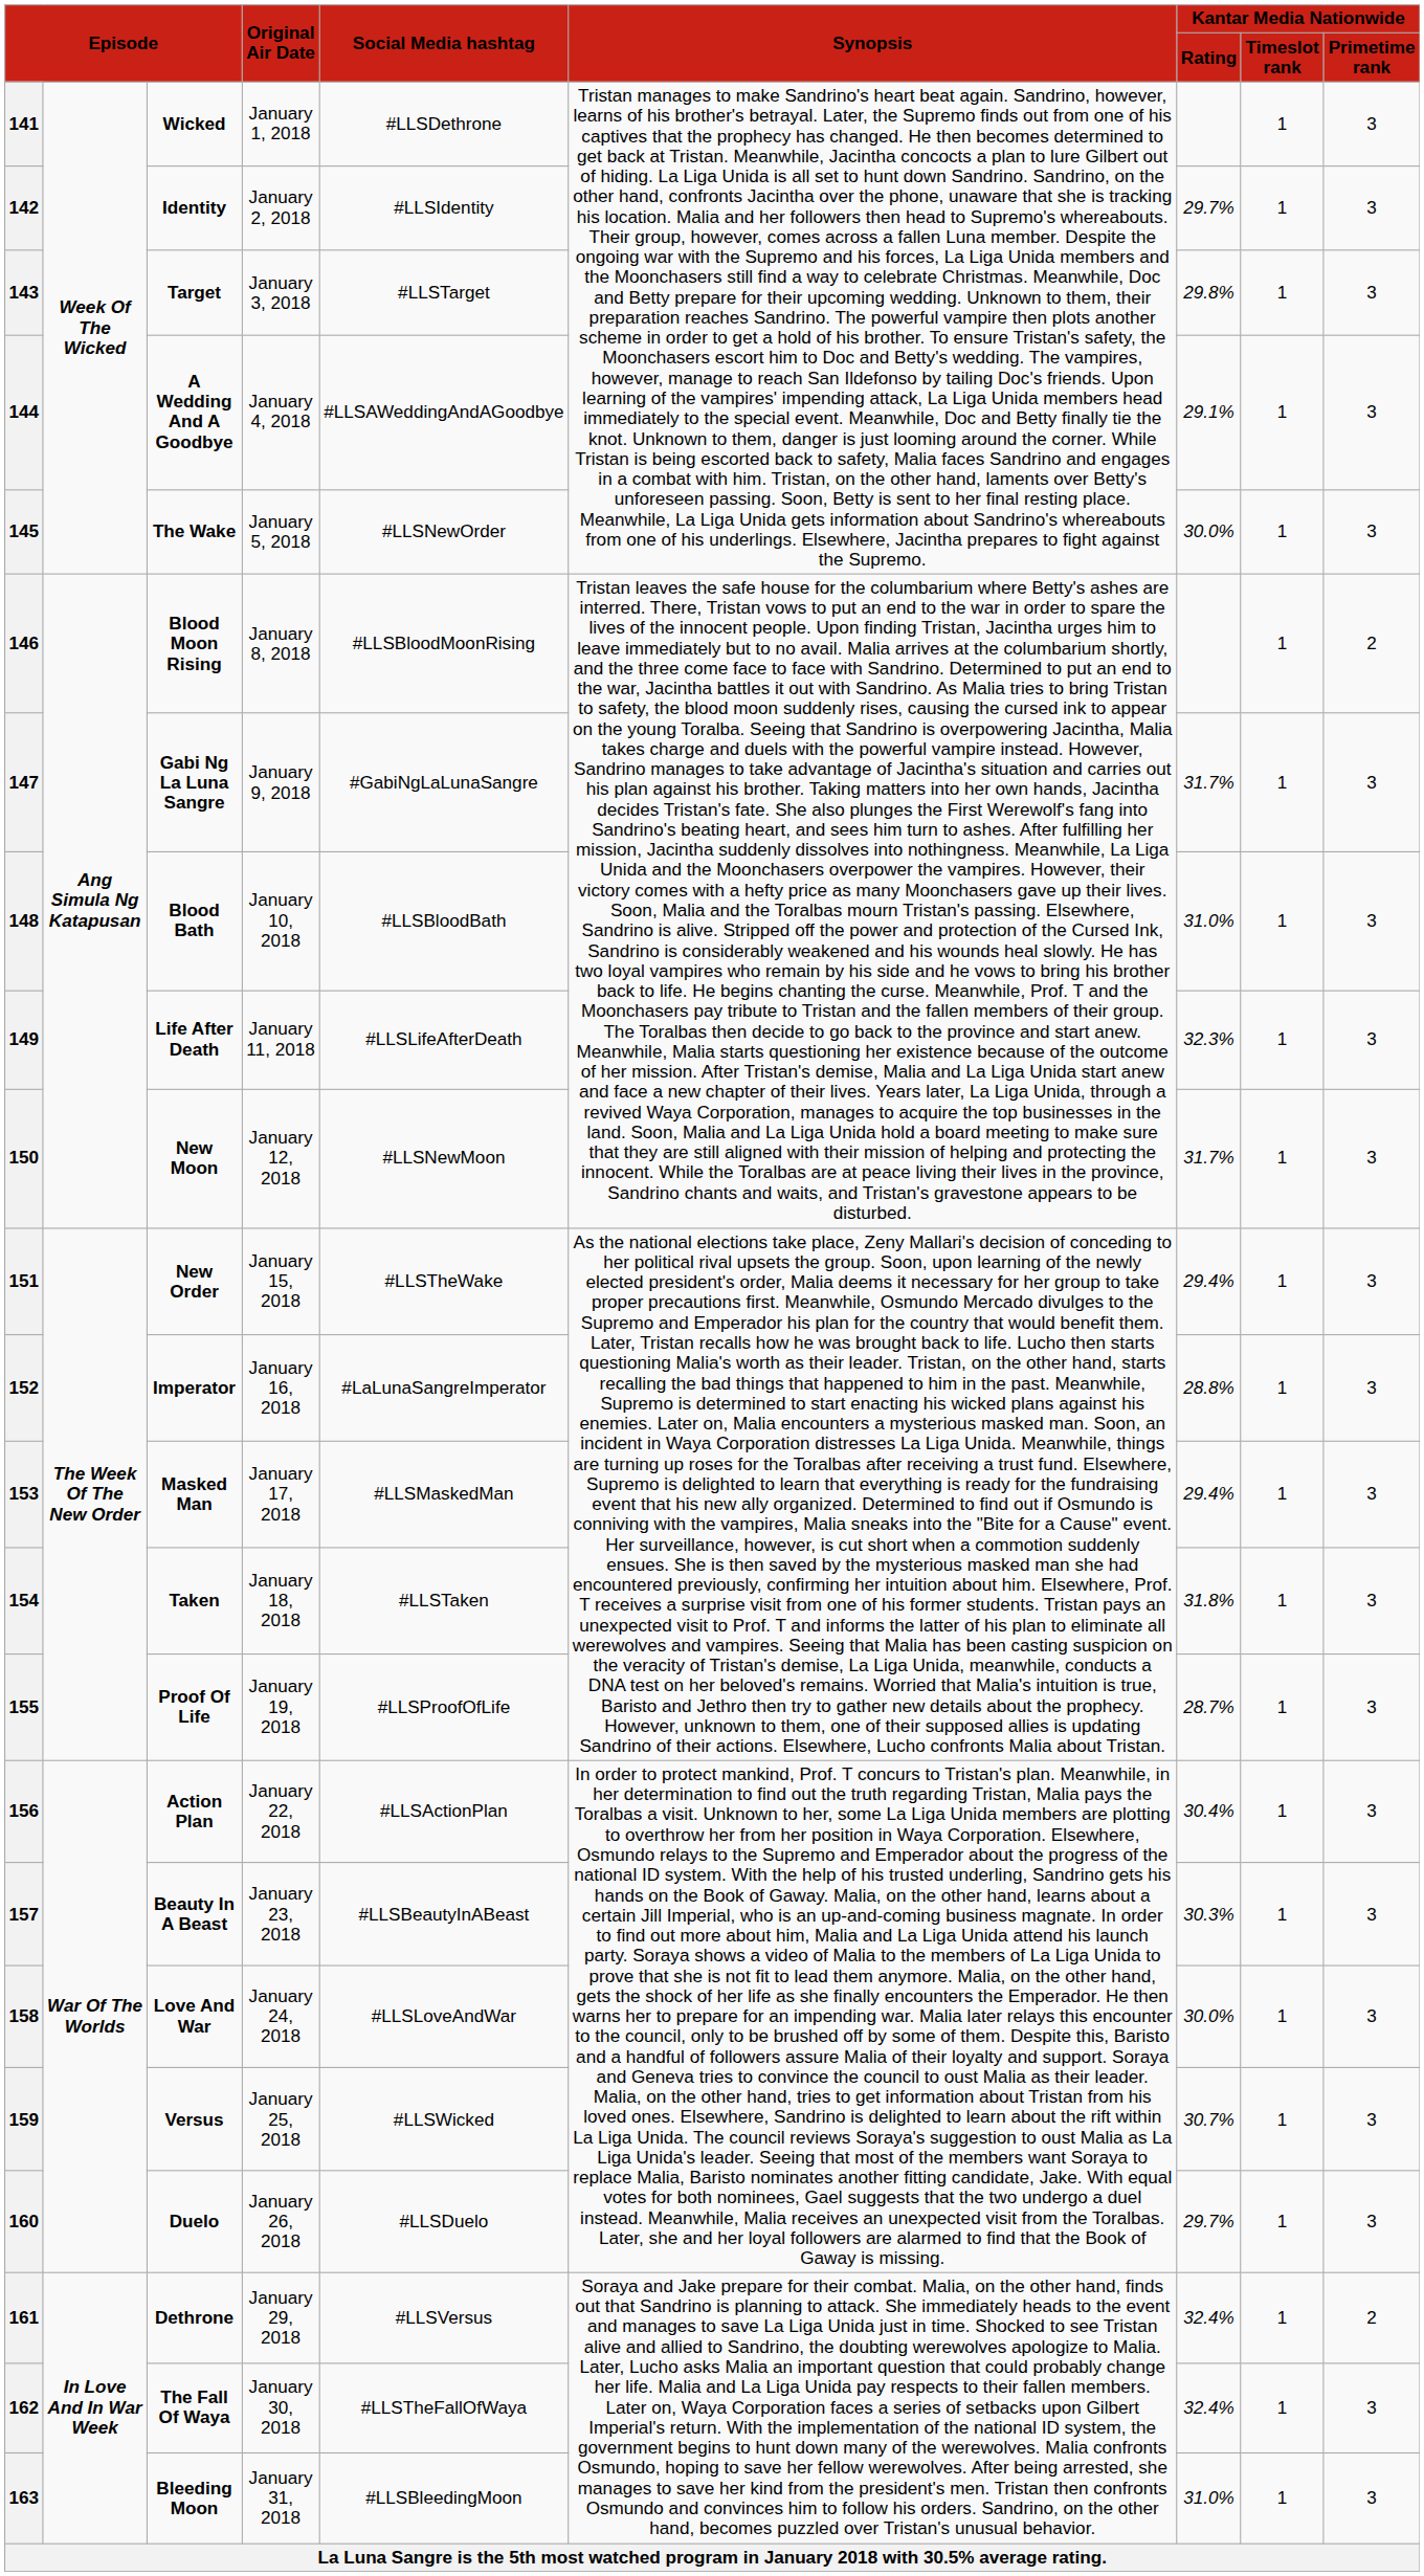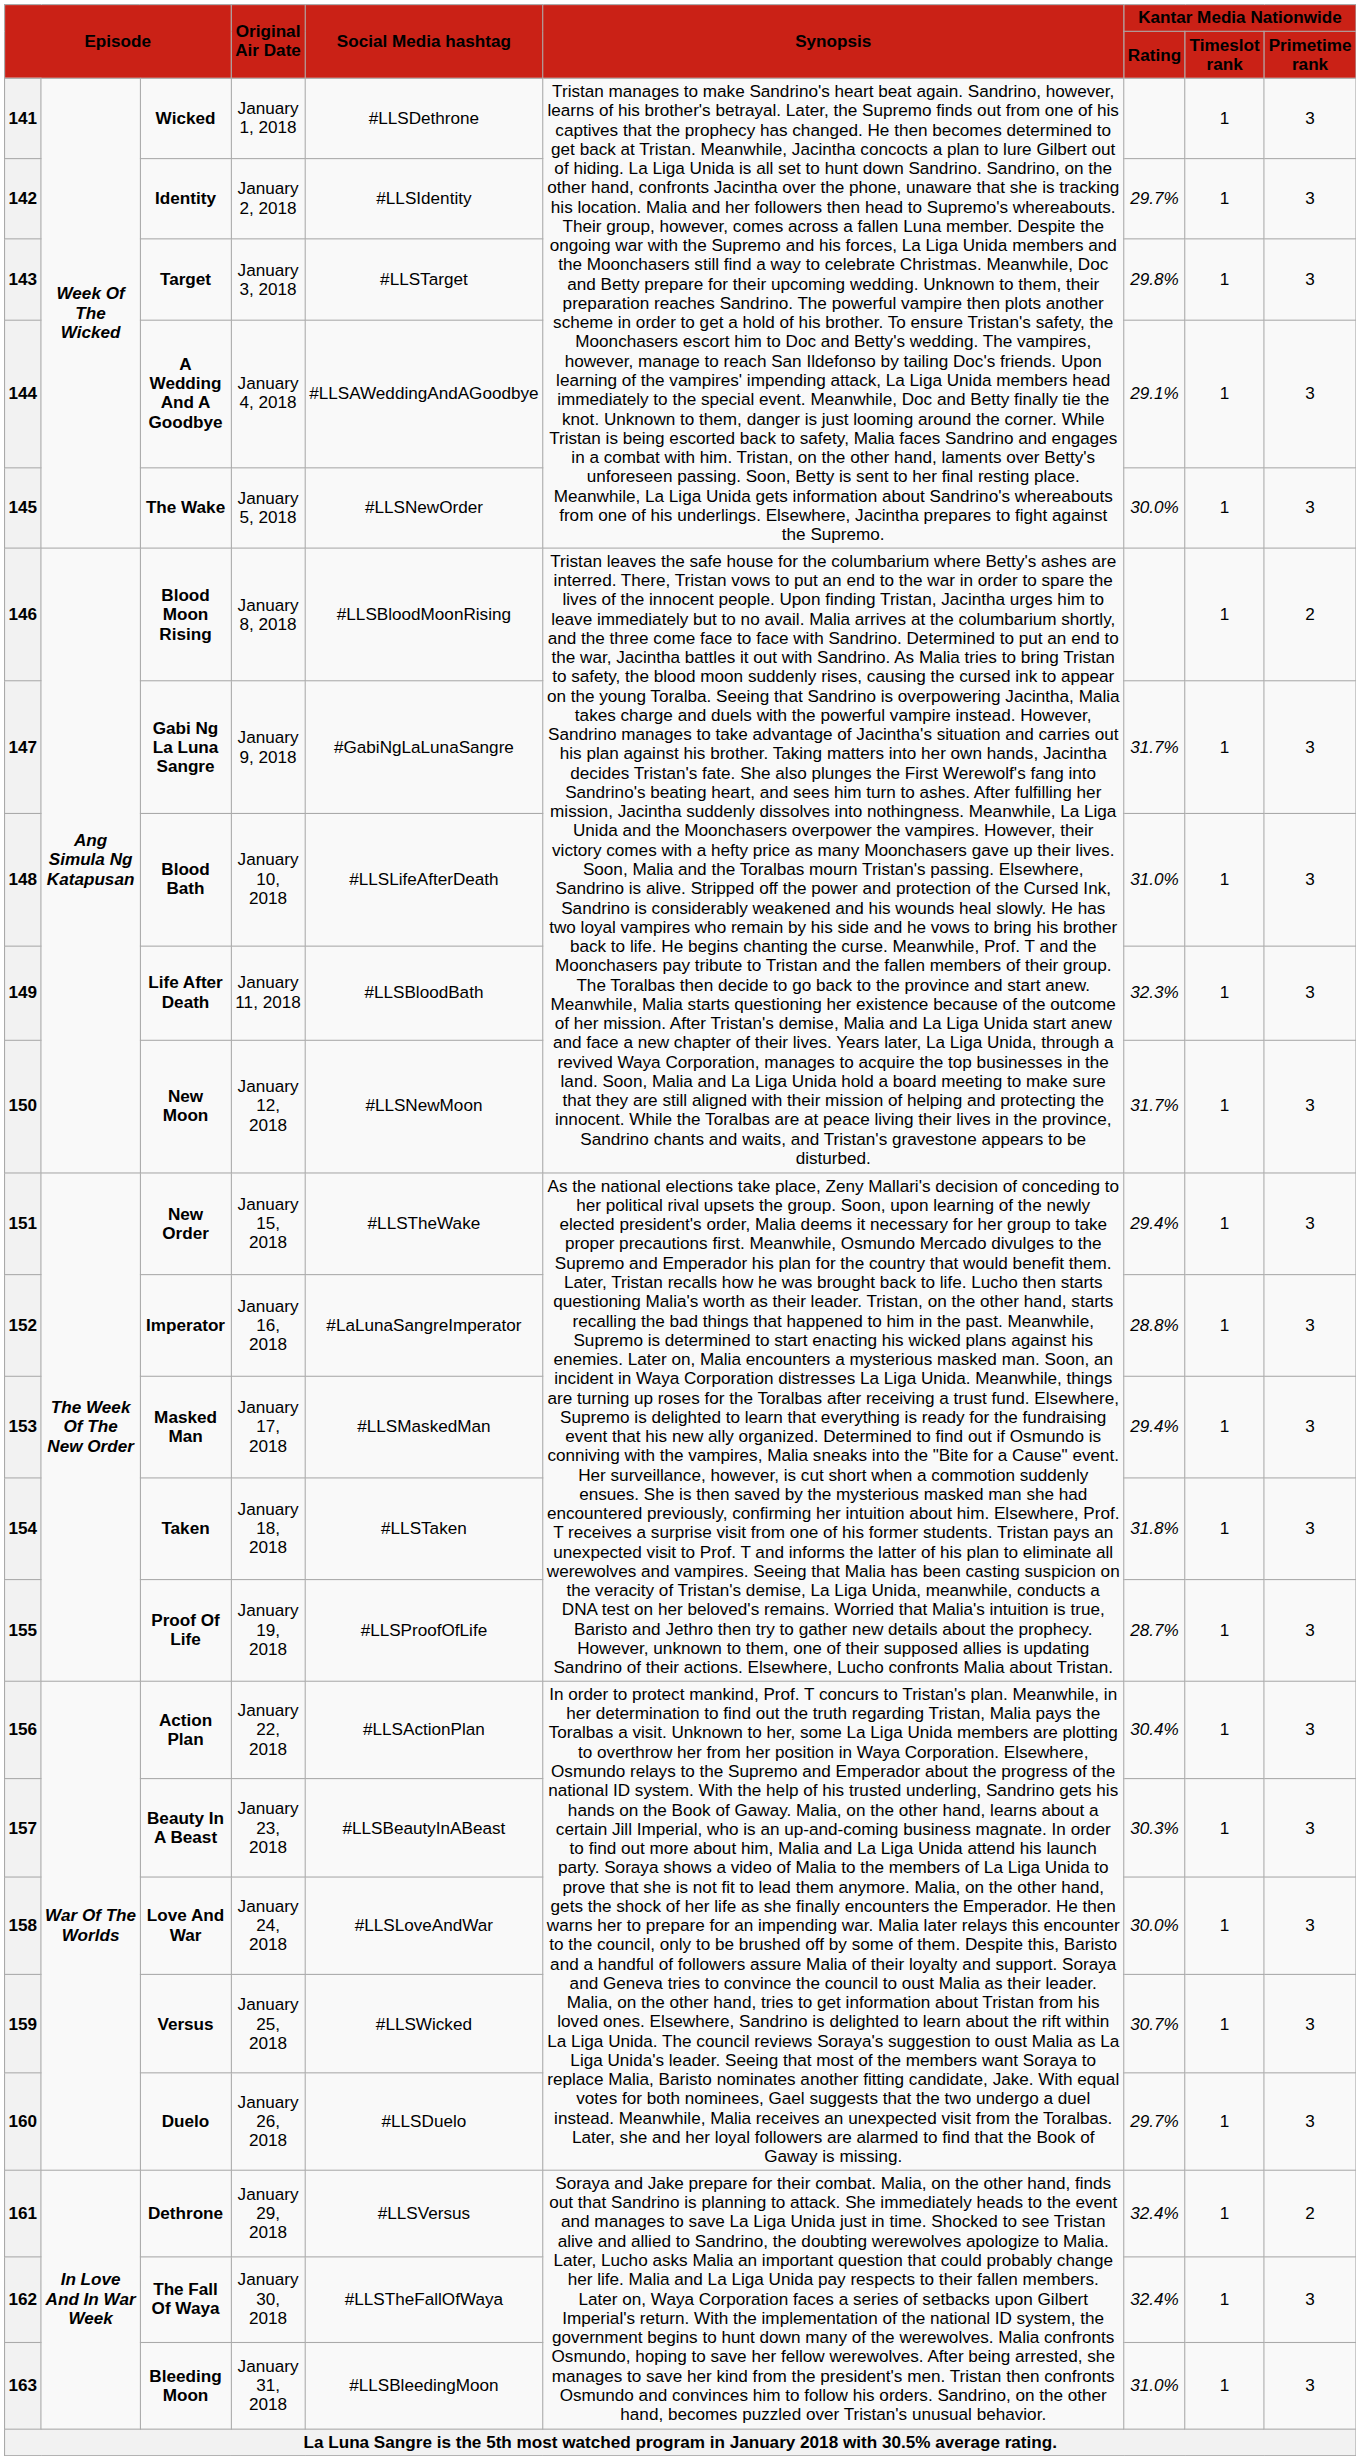 <table class="wikitable" style="text-align:center; font-size:100%; line-height:18px;"  width="100%">
 <tr>
 <th style="background-color:#CA2116; color:#000000;" colspan="3" rowspan="2">Episode</th>
 <th style="background-color:#CA2116; color:#000000;" rowspan="2">Original Air Date</th>
 <th style="background-color:#CA2116; color:#000000;" rowspan="2">Social Media hashtag</th>
 <th style="background-color:#CA2116; color:#000000;" rowspan="2">Synopsis</th>
 <th style="background-color:#CA2116; color:#000000;" colspan="3">Kantar Media Nationwide</th>
 </tr>
 <tr>
 <th style="background-color:#CA2116; color:#000000;">Rating</th>
 <th style="background-color:#CA2116; color:#000000;">Timeslot rank</th>
 <th style="background-color:#CA2116; color:#000000;">Primetime rank</th>
 </tr>
 <tr>
 <th>141</th>
 <td rowspan="5"><strong><em>Week Of The Wicked</em></strong></td>
 <td><strong>Wicked</strong></td>
 <td>January 1, 2018</td>
 <td>#LLSDethrone</td>
 <td rowspan="5">Tristan manages to make Sandrino's heart beat again. Sandrino, however, learns of his brother's betrayal. Later, the Supremo finds out from one of his captives that the prophecy has changed. He then becomes determined to get back at Tristan. Meanwhile, Jacintha concocts a plan to lure Gilbert out of hiding. La Liga Unida is all set to hunt down Sandrino. Sandrino, on the other hand, confronts Jacintha over the phone, unaware that she is tracking his location. Malia and her followers then head to Supremo's whereabouts. Their group, however, comes across a fallen Luna member. Despite the ongoing war with the Supremo and his forces, La Liga Unida members and the Moonchasers still find a way to celebrate Christmas. Meanwhile, Doc and Betty prepare for their upcoming wedding. Unknown to them, their preparation reaches Sandrino. The powerful vampire then plots another scheme in order to get a hold of his brother. To ensure Tristan's safety, the Moonchasers escort him to Doc and Betty's wedding. The vampires, however, manage to reach San Ildefonso by tailing Doc's friends. Upon learning of the vampires' impending attack, La Liga Unida members head immediately to the special event. Meanwhile, Doc and Betty finally tie the knot. Unknown to them, danger is just looming around the corner. While Tristan is being escorted back to safety, Malia faces Sandrino and engages in a combat with him. Tristan, on the other hand, laments over Betty's unforeseen passing. Soon, Betty is sent to her final resting place. Meanwhile, La Liga Unida gets information about Sandrino's whereabouts from one of his underlings. Elsewhere, Jacintha prepares to fight against the Supremo.</td>
 <td></td>
 <td>1</td>
 <td>3</td>
 </tr>
 <tr>
 <th>142</th>
 <td><strong>Identity</strong></td>
 <td>January 2, 2018</td>
 <td>#LLSIdentity</td>
 <td><em>29.7%</em></td>
 <td>1</td>
 <td>3</td>
 </tr>
 <tr>
 <th>143</th>
 <td><strong>Target</strong></td>
 <td>January 3, 2018</td>
 <td>#LLSTarget</td>
 <td><em>29.8%</em></td>
 <td>1</td>
 <td>3</td>
 </tr>
 <tr>
 <th>144</th>
 <td><strong>A Wedding And A Goodbye</strong></td>
 <td>January 4, 2018</td>
 <td>#LLSAWeddingAndAGoodbye</td>
 <td><em>29.1%</em></td>
 <td>1</td>
 <td>3</td>
 </tr>
 <tr>
 <th>145</th>
 <td><strong>The Wake</strong></td>
 <td>January 5, 2018</td>
 <td>#LLSNewOrder</td>
 <td><em>30.0%</em></td>
 <td>1</td>
 <td>3</td>
 </tr>
 <tr>
 <th>146</th>
 <td rowspan="5"><strong><em>Ang Simula Ng Katapusan</em></strong></td>
 <td><strong>Blood Moon Rising</strong></td>
 <td>January 8, 2018</td>
 <td>#LLSBloodMoonRising</td>
 <td rowspan="5">Tristan leaves the safe house for the columbarium where Betty's ashes are interred. There, Tristan vows to put an end to the war in order to spare the lives of the innocent people. Upon finding Tristan, Jacintha urges him to leave immediately but to no avail. Malia arrives at the columbarium shortly, and the three come face to face with Sandrino. Determined to put an end to the war, Jacintha battles it out with Sandrino. As Malia tries to bring Tristan to safety, the blood moon suddenly rises, causing the cursed ink to appear on the young Toralba. Seeing that Sandrino is overpowering Jacintha, Malia takes charge and duels with the powerful vampire instead. However, Sandrino manages to take advantage of Jacintha's situation and carries out his plan against his brother. Taking matters into her own hands, Jacintha decides Tristan's fate. She also plunges the First Werewolf's fang into Sandrino's beating heart, and sees him turn to ashes. After fulfilling her mission, Jacintha suddenly dissolves into nothingness. Meanwhile, La Liga Unida and the Moonchasers overpower the vampires. However, their victory comes with a hefty price as many Moonchasers gave up their lives. Soon, Malia and the Toralbas mourn Tristan's passing. Elsewhere, Sandrino is alive. Stripped off the power and protection of the Cursed Ink, Sandrino is considerably weakened and his wounds heal slowly. He has two loyal vampires who remain by his side and he vows to bring his brother back to life. He begins chanting the curse. Meanwhile, Prof. T and the Moonchasers pay tribute to Tristan and the fallen members of their group. The Toralbas then decide to go back to the province and start anew. Meanwhile, Malia starts questioning her existence because of the outcome of her mission. After Tristan's demise, Malia and La Liga Unida start anew and face a new chapter of their lives. Years later, La Liga Unida, through a revived Waya Corporation, manages to acquire the top businesses in the land. Soon, Malia and La Liga Unida hold a board meeting to make sure that they are still aligned with their mission of helping and protecting the innocent. While the Toralbas are at peace living their lives in the province, Sandrino chants and waits, and Tristan's gravestone appears to be disturbed.</td>
 <td></td>
 <td>1</td>
 <td>2</td>
 </tr>
 <tr>
 <th>147</th>
 <td><strong>Gabi Ng La Luna Sangre</strong></td>
 <td>January 9, 2018</td>
 <td>#GabiNgLaLunaSangre</td>
 <td><em>31.7%</em></td>
 <td>1</td>
 <td>3</td>
 </tr>
 <tr>
 <th>148</th>
 <td><strong>Blood Bath</strong></td>
 <td>January 10, 2018</td>
-<td>#LLSBloodBath</td>
+<td>#LLSLifeAfterDeath</td>
 <td><em>31.0%</em></td>
 <td>1</td>
 <td>3</td>
 </tr>
 <tr>
 <th>149</th>
 <td><strong>Life After Death</strong></td>
 <td>January 11, 2018</td>
-<td>#LLSLifeAfterDeath</td>
+<td>#LLSBloodBath</td>
 <td><em>32.3%</em></td>
 <td>1</td>
 <td>3</td>
 </tr>
 <tr>
 <th>150</th>
 <td><strong>New Moon</strong></td>
 <td>January 12, 2018</td>
 <td>#LLSNewMoon</td>
 <td><em>31.7%</em></td>
 <td>1</td>
 <td>3</td>
 </tr>
 <tr>
 <th>151</th>
 <td rowspan="5"><strong><em>The Week Of The New Order</em></strong></td>
 <td><strong>New Order</strong></td>
 <td>January 15, 2018</td>
 <td>#LLSTheWake</td>
 <td rowspan="5">As the national elections take place, Zeny Mallari's decision of conceding to her political rival upsets the group. Soon, upon learning of the newly elected president's order, Malia deems it necessary for her group to take proper precautions first. Meanwhile, Osmundo Mercado divulges to the Supremo and Emperador his plan for the country that would benefit them. Later, Tristan recalls how he was brought back to life. Lucho then starts questioning Malia's worth as their leader. Tristan, on the other hand, starts recalling the bad things that happened to him in the past. Meanwhile, Supremo is determined to start enacting his wicked plans against his enemies. Later on, Malia encounters a mysterious masked man. Soon, an incident in Waya Corporation distresses La Liga Unida. Meanwhile, things are turning up roses for the Toralbas after receiving a trust fund. Elsewhere, Supremo is delighted to learn that everything is ready for the fundraising event that his new ally organized. Determined to find out if Osmundo is conniving with the vampires, Malia sneaks into the "Bite for a Cause" event. Her surveillance, however, is cut short when a commotion suddenly ensues. She is then saved by the mysterious masked man she had encountered previously, confirming her intuition about him. Elsewhere, Prof. T receives a surprise visit from one of his former students. Tristan pays an unexpected visit to Prof. T and informs the latter of his plan to eliminate all werewolves and vampires. Seeing that Malia has been casting suspicion on the veracity of Tristan's demise, La Liga Unida, meanwhile, conducts a DNA test on her beloved's remains. Worried that Malia's intuition is true, Baristo and Jethro then try to gather new details about the prophecy. However, unknown to them, one of their supposed allies is updating Sandrino of their actions. Elsewhere, Lucho confronts Malia about Tristan.</td>
 <td><em>29.4%</em></td>
 <td>1</td>
 <td>3</td>
 </tr>
 <tr>
 <th>152</th>
 <td><strong>Imperator</strong></td>
 <td>January 16, 2018</td>
 <td>#LaLunaSangreImperator</td>
 <td><em>28.8%</em></td>
 <td>1</td>
 <td>3</td>
 </tr>
 <tr>
 <th>153</th>
 <td><strong>Masked Man</strong></td>
 <td>January 17, 2018</td>
 <td>#LLSMaskedMan</td>
 <td><em>29.4%</em></td>
 <td>1</td>
 <td>3</td>
 </tr>
 <tr>
 <th>154</th>
 <td><strong>Taken</strong></td>
 <td>January 18, 2018</td>
 <td>#LLSTaken</td>
 <td><em>31.8%</em></td>
 <td>1</td>
 <td>3</td>
 </tr>
 <tr>
 <th>155</th>
 <td><strong>Proof Of Life</strong></td>
 <td>January 19, 2018</td>
 <td>#LLSProofOfLife</td>
 <td><em>28.7%</em></td>
 <td>1</td>
 <td>3</td>
 </tr>
 <tr>
 <th>156</th>
 <td rowspan="5"><strong><em>War Of The Worlds</em></strong></td>
 <td><strong>Action Plan</strong></td>
 <td>January 22, 2018</td>
 <td>#LLSActionPlan</td>
 <td rowspan="5">In order to protect mankind, Prof. T concurs to Tristan's plan. Meanwhile, in her determination to find out the truth regarding Tristan, Malia pays the Toralbas a visit. Unknown to her, some La Liga Unida members are plotting to overthrow her from her position in Waya Corporation. Elsewhere, Osmundo relays to the Supremo and Emperador about the progress of the national ID system. With the help of his trusted underling, Sandrino gets his hands on the Book of Gaway. Malia, on the other hand, learns about a certain Jill Imperial, who is an up-and-coming business magnate. In order to find out more about him, Malia and La Liga Unida attend his launch party. Soraya shows a video of Malia to the members of La Liga Unida to prove that she is not fit to lead them anymore. Malia, on the other hand, gets the shock of her life as she finally encounters the Emperador. He then warns her to prepare for an impending war. Malia later relays this encounter to the council, only to be brushed off by some of them. Despite this, Baristo and a handful of followers assure Malia of their loyalty and support. Soraya and Geneva tries to convince the council to oust Malia as their leader. Malia, on the other hand, tries to get information about Tristan from his loved ones. Elsewhere, Sandrino is delighted to learn about the rift within La Liga Unida. The council reviews Soraya's suggestion to oust Malia as La Liga Unida's leader. Seeing that most of the members want Soraya to replace Malia, Baristo nominates another fitting candidate, Jake. With equal votes for both nominees, Gael suggests that the two undergo a duel instead. Meanwhile, Malia receives an unexpected visit from the Toralbas. Later, she and her loyal followers are alarmed to find that the Book of Gaway is missing.</td>
 <td><em>30.4%</em></td>
 <td>1</td>
 <td>3</td>
 </tr>
 <tr>
 <th>157</th>
 <td><strong>Beauty In A Beast</strong></td>
 <td>January 23, 2018</td>
 <td>#LLSBeautyInABeast</td>
 <td><em>30.3%</em></td>
 <td>1</td>
 <td>3</td>
 </tr>
 <tr>
 <th>158</th>
 <td><strong>Love And War</strong></td>
 <td>January 24, 2018</td>
 <td>#LLSLoveAndWar</td>
 <td><em>30.0%</em></td>
 <td>1</td>
 <td>3</td>
 </tr>
 <tr>
 <th>159</th>
 <td><strong>Versus</strong></td>
 <td>January 25, 2018</td>
 <td>#LLSWicked</td>
 <td><em>30.7%</em></td>
 <td>1</td>
 <td>3</td>
 </tr>
 <tr>
 <th>160</th>
 <td><strong>Duelo</strong></td>
 <td>January 26, 2018</td>
 <td>#LLSDuelo</td>
 <td><em>29.7%</em></td>
 <td>1</td>
 <td>3</td>
 </tr>
 <tr>
 <th>161</th>
 <td rowspan="3"><strong><em>In Love And In War Week</em></strong></td>
 <td><strong>Dethrone</strong></td>
 <td>January 29, 2018</td>
 <td>#LLSVersus</td>
 <td rowspan="3">Soraya and Jake prepare for their combat. Malia, on the other hand, finds out that Sandrino is planning to attack. She immediately heads to the event and manages to save La Liga Unida just in time. Shocked to see Tristan alive and allied to Sandrino, the doubting werewolves apologize to Malia. Later, Lucho asks Malia an important question that could probably change her life. Malia and La Liga Unida pay respects to their fallen members. Later on, Waya Corporation faces a series of setbacks upon Gilbert Imperial's return. With the implementation of the national ID system, the government begins to hunt down many of the werewolves. Malia confronts Osmundo, hoping to save her fellow werewolves. After being arrested, she manages to save her kind from the president's men. Tristan then confronts Osmundo and convinces him to follow his orders. Sandrino, on the other hand, becomes puzzled over Tristan's unusual behavior.</td>
 <td><em>32.4%</em></td>
 <td>1</td>
 <td>2</td>
 </tr>
 <tr>
 <th>162</th>
 <td><strong>The Fall Of Waya</strong></td>
 <td>January 30, 2018</td>
 <td>#LLSTheFallOfWaya</td>
 <td><em>32.4%</em></td>
 <td>1</td>
 <td>3</td>
 </tr>
 <tr>
 <th>163</th>
 <td><strong>Bleeding Moon</strong></td>
 <td>January 31, 2018</td>
 <td>#LLSBleedingMoon</td>
 <td><em>31.0%</em></td>
 <td>1</td>
 <td>3</td>
 </tr>
 <tr>
 <th colspan = "9" style="text-align: center; border-: 3px solid #ffba31;">La Luna Sangre is the 5th most watched program in January 2018 with 30.5% average rating.</th>
 </tr>
 <tr>
 </tr>
 </table>
